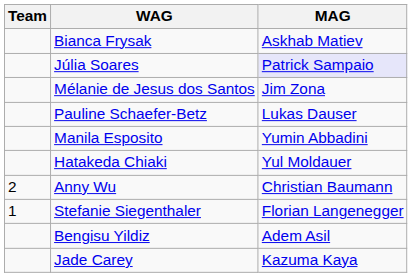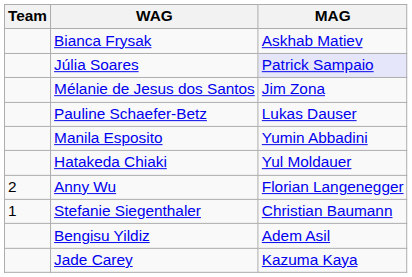 <table class="wikitable">
 <tr>
 <th style="text-align:center;">Team</th>
 <th style="text-align:center;">WAG</th>
 <th style="text-align:center;">MAG</th>
 </tr>
 <tr>
 <td></td>
 <td><a href='#'>Bianca Frysak</a></td>
 <td><a href='#'>Askhab Matiev</a></td>
 </tr>
 <tr>
 <td></td>
 <td><a href='#'>Júlia Soares</a></td>
 <td style="background: lavender;"><a href='#'>Patrick Sampaio</a></td>
 </tr>
 <tr>
 <td></td>
 <td><a href='#'>Mélanie de Jesus dos Santos</a></td>
 <td><a href='#'>Jim Zona</a></td>
 </tr>
 <tr>
 <td></td>
 <td><a href='#'>Pauline Schaefer-Betz</a></td>
 <td><a href='#'>Lukas Dauser</a></td>
 </tr>
 <tr>
 <td></td>
 <td><a href='#'>Manila Esposito</a></td>
 <td><a href='#'>Yumin Abbadini</a></td>
 </tr>
 <tr>
 <td></td>
 <td><a href='#'>Hatakeda Chiaki</a></td>
 <td><a href='#'>Yul Moldauer</a></td>
 </tr>
 <tr>
 <td> 2</td>
 <td><a href='#'>Anny Wu</a></td>
-<td><a href='#'>Christian Baumann</a></td>
+<td><a href='#'>Florian Langenegger</a></td>
 </tr>
 <tr>
 <td> 1</td>
 <td><a href='#'>Stefanie Siegenthaler</a></td>
-<td><a href='#'>Florian Langenegger</a></td>
+<td><a href='#'>Christian Baumann</a></td>
 </tr>
 <tr>
 <td></td>
 <td><a href='#'>Bengisu Yildiz</a></td>
 <td><a href='#'>Adem Asil</a></td>
 </tr>
 <tr>
 <td></td>
 <td><a href='#'>Jade Carey</a></td>
 <td><a href='#'>Kazuma Kaya</a></td>
 </tr>
 </table>
